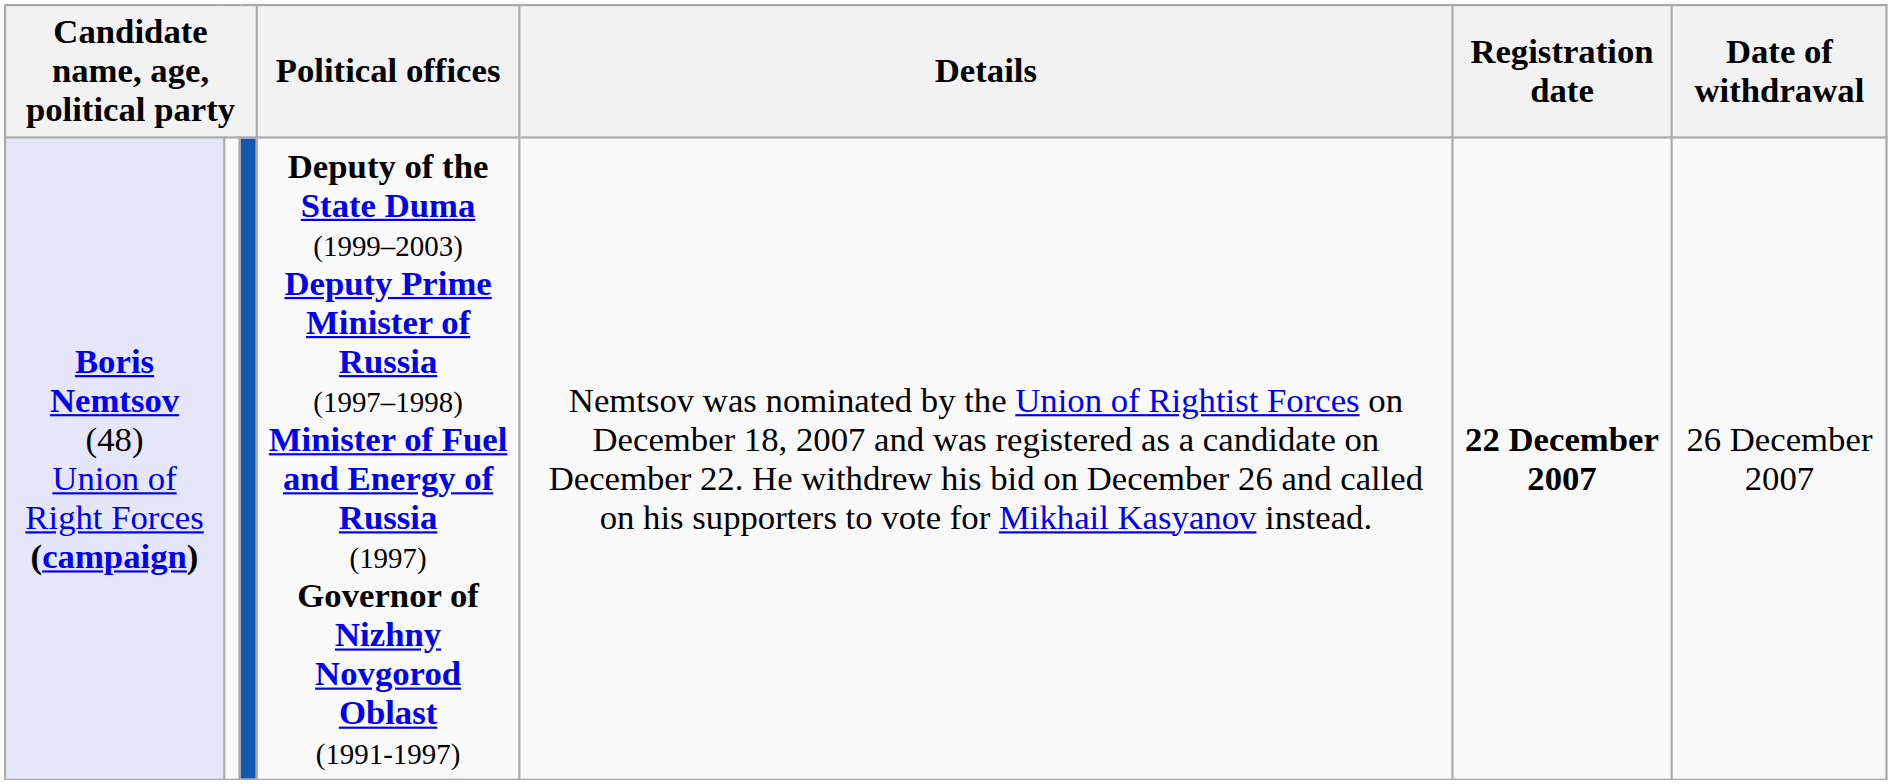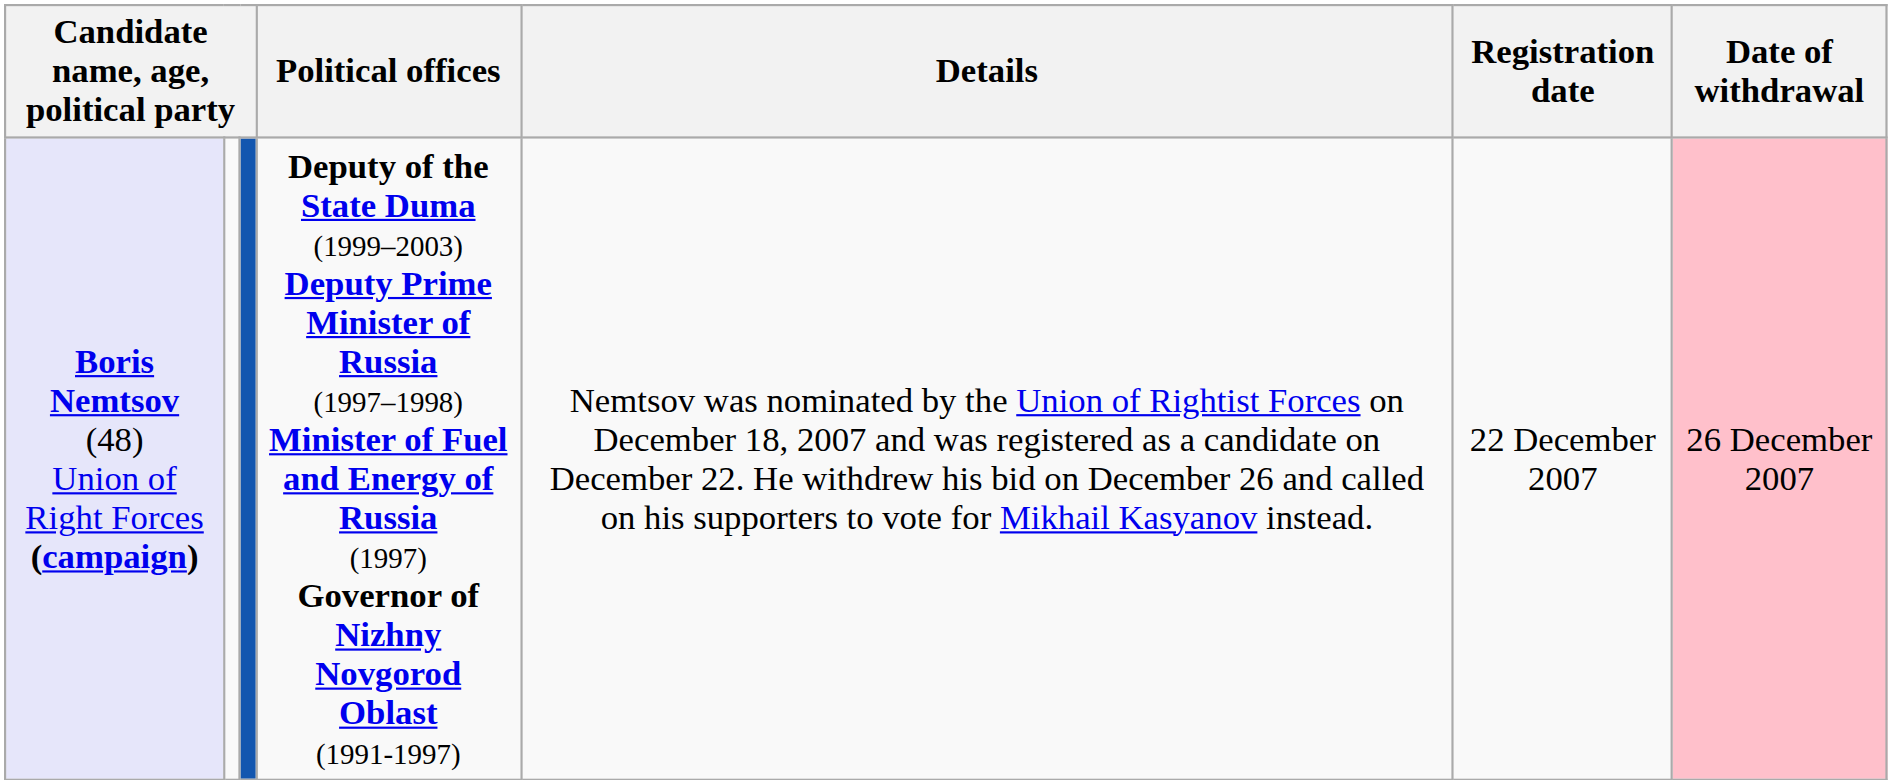 <table class="wikitable" style="text-align:center;">
 <tr>
 <th colspan="3">Candidate name, age,<br>political party</th>
 <th>Political offices</th>
 <th>Details</th>
 <th>Registration date</th>
 <th>Date of withdrawal</th>
 </tr>
 <tr>
 <td style="background:lavender;"><strong><a href='#'>Boris Nemtsov</a></strong><br>(48)<br><a href='#'>Union of Right Forces</a><br><strong>(<a href='#'>campaign</a>)</strong></td>
 <td></td>
 <td style="background-color:#1356AF;"></td>
 <td><strong>Deputy of the <a href='#'>State Duma</a></strong><br><small>(1999–2003)</small><br><strong><a href='#'>Deputy Prime Minister of Russia</a></strong><br><small>(1997–1998)</small><br><strong><a href='#'>Minister of Fuel and Energy of Russia</a></strong><br><small>(1997)</small><br><strong>Governor of <a href='#'>Nizhny Novgorod Oblast</a></strong><br><small>(1991-1997)</small></td>
 <td>Nemtsov was nominated by the <a href='#'>Union of Rightist Forces</a> on December 18, 2007 and was registered as a candidate on December 22. He withdrew his bid on December 26 and called on his supporters to vote for <a href='#'>Mikhail Kasyanov</a> instead.</td>
-<td><strong>22 December 2007</strong></td>
-<td>26 December 2007</td>
+<td>22 December 2007</td>
+<td style="background: pink;">26 December 2007</td>
 </tr>
 </table>
